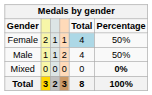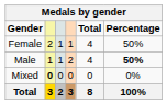 <table class=wikitable style="font-size:85%; float:right;text-align:center">
 <tr bgcolor=EFEFEF>
 <th colspan=6>Medals by gender</th>
 </tr>
 <tr>
 <td><strong>Gender</strong></td>
 <td bgcolor=F7F6A8></td>
 <td bgcolor=DCE5E5></td>
 <td bgcolor=FFDAB9></td>
 <td><strong>Total</strong></td>
 <td><strong>Percentage</strong></td>
 </tr>
 <tr>
 <td>Female</td>
 <td bgcolor=F7F6A8>2</td>
 <td bgcolor=DCE5E5>1</td>
 <td bgcolor=FFDAB9>1</td>
-<td style="background: lightblue;">4</td>
+<td>4</td>
 <td>50%</td>
 </tr>
 <tr>
 <td>Male</td>
 <td bgcolor=F7F6A8>1</td>
 <td bgcolor=DCE5E5>1</td>
 <td bgcolor=FFDAB9>2</td>
 <td>4</td>
-<td>50%</td>
+<td><strong>50%</strong></td>
 </tr>
 <tr>
 <td>Mixed</td>
-<td bgcolor=F7F6A8>0</td>
+<td bgcolor=F7F6A8><strong>0</strong></td>
 <td bgcolor=DCE5E5>0</td>
 <td bgcolor=FFDAB9>0</td>
 <td>0</td>
-<td><strong>0%</strong></td>
+<td>0%</td>
 </tr>
 <tr>
 <th>Total</th>
 <th style="background:gold;">3</th>
 <th style="background:silver;">2</th>
 <th style="background:#c96;">3</th>
 <th>8</th>
 <th>100%</th>
 </tr>
 </table>
